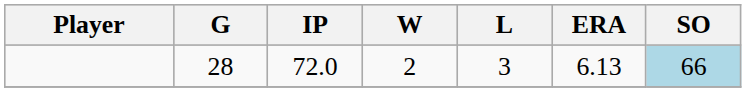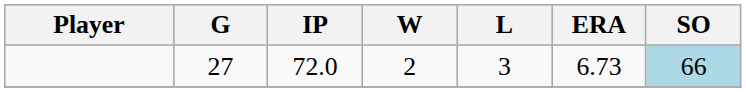 <table class="wikitable sortable">
 <tr>
 <th bgcolor="#DDDDFF" width="16%">Player</th>
 <th bgcolor="#DDDDFF" width="9%">G</th>
 <th bgcolor="#DDDDFF" width="9%">IP</th>
 <th bgcolor="#DDDDFF" width="9%">W</th>
 <th bgcolor="#DDDDFF" width="9%">L</th>
 <th bgcolor="#DDDDFF" width="9%">ERA</th>
 <th bgcolor="#DDDDFF" width="9%">SO</th>
 </tr>
 <tr align="center">
 <td></td>
-<td>28</td>
+<td>27</td>
 <td>72.0</td>
 <td>2</td>
 <td>3</td>
-<td>6.13</td>
+<td>6.73</td>
 <td style="background: lightblue;">66</td>
 </tr>
 <tr align="center">
 </tr>
 </table>
